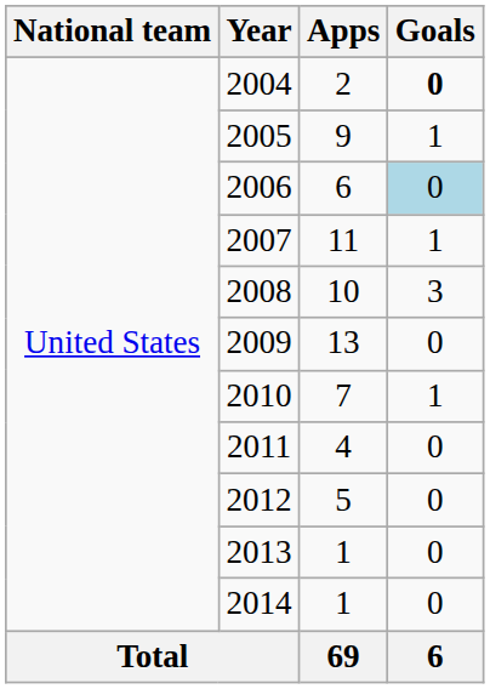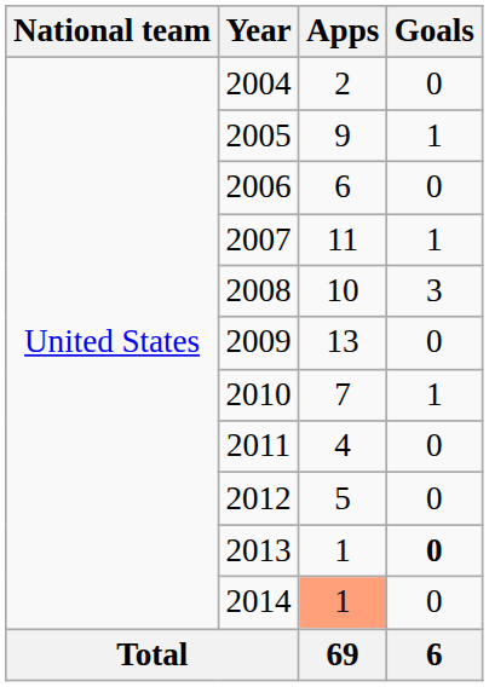 <table class="wikitable" style="text-align:center">
 <tr>
 <th>National team</th>
 <th>Year</th>
 <th>Apps</th>
 <th>Goals</th>
 </tr>
 <tr>
 <td rowspan="11"><a href='#'>United States</a></td>
 <td>2004</td>
 <td>2</td>
-<td><strong>0</strong></td>
+<td>0</td>
 </tr>
 <tr>
 <td>2005</td>
 <td>9</td>
 <td>1</td>
 </tr>
 <tr>
 <td>2006</td>
 <td>6</td>
-<td style="background: lightblue;">0</td>
+<td>0</td>
 </tr>
 <tr>
 <td>2007</td>
 <td>11</td>
 <td>1</td>
 </tr>
 <tr>
 <td>2008</td>
 <td>10</td>
 <td>3</td>
 </tr>
 <tr>
 <td>2009</td>
 <td>13</td>
 <td>0</td>
 </tr>
 <tr>
 <td>2010</td>
 <td>7</td>
 <td>1</td>
 </tr>
 <tr>
 <td>2011</td>
 <td>4</td>
 <td>0</td>
 </tr>
 <tr>
 <td>2012</td>
 <td>5</td>
 <td>0</td>
 </tr>
 <tr>
 <td>2013</td>
 <td>1</td>
-<td>0</td>
+<td><strong>0</strong></td>
 </tr>
 <tr>
 <td>2014</td>
-<td>1</td>
+<td style="background: lightsalmon;">1</td>
 <td>0</td>
 </tr>
 <tr>
 <th colspan="2">Total</th>
 <th>69</th>
 <th>6</th>
 </tr>
 </table>
